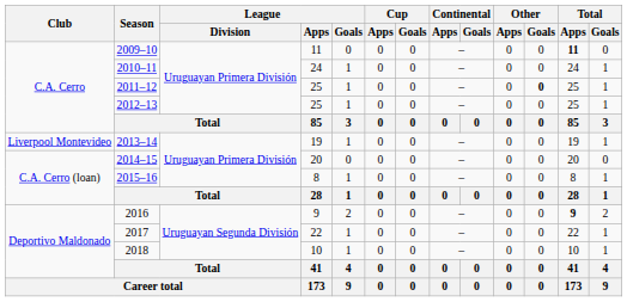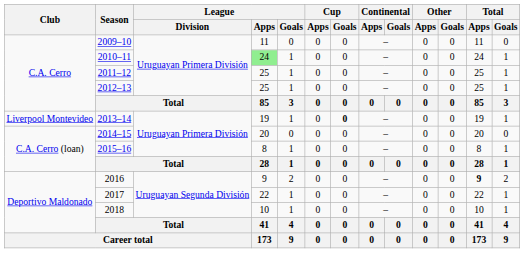 <table class="wikitable" style="text-align: center">
 <tr>
 <th rowspan="2">Club</th>
 <th rowspan="2">Season</th>
 <th colspan="3">League</th>
 <th colspan="2">Cup</th>
 <th colspan="2">Continental</th>
 <th colspan="2">Other</th>
 <th colspan="2">Total</th>
 </tr>
 <tr>
 <th>Division</th>
 <th>Apps</th>
 <th>Goals</th>
 <th>Apps</th>
 <th>Goals</th>
 <th>Apps</th>
 <th>Goals</th>
 <th>Apps</th>
 <th>Goals</th>
 <th>Apps</th>
 <th>Goals</th>
 </tr>
 <tr>
 <td rowspan="5"><a href='#'>C.A. Cerro</a></td>
 <td><a href='#'>2009–10</a></td>
 <td rowspan="4"><a href='#'>Uruguayan Primera División</a></td>
 <td>11</td>
 <td>0</td>
 <td>0</td>
 <td>0</td>
 <td colspan="2">–</td>
 <td>0</td>
 <td>0</td>
-<td><strong>11</strong></td>
+<td>11</td>
 <td>0</td>
 </tr>
 <tr>
 <td><a href='#'>2010–11</a></td>
-<td>24</td>
+<td style="background: lightgreen;">24</td>
 <td>1</td>
 <td>0</td>
 <td>0</td>
 <td colspan="2">–</td>
 <td>0</td>
 <td>0</td>
 <td>24</td>
 <td>1</td>
 </tr>
 <tr>
 <td><a href='#'>2011–12</a></td>
 <td>25</td>
 <td>1</td>
 <td>0</td>
 <td>0</td>
 <td colspan="2">–</td>
 <td>0</td>
-<td><strong>0</strong></td>
+<td>0</td>
 <td>25</td>
 <td>1</td>
 </tr>
 <tr>
 <td><a href='#'>2012–13</a></td>
 <td>25</td>
 <td>1</td>
 <td>0</td>
 <td>0</td>
 <td colspan="2">–</td>
 <td>0</td>
 <td>0</td>
 <td>25</td>
 <td>1</td>
 </tr>
 <tr>
 <th colspan="2"><strong>Total</strong></th>
 <th>85</th>
 <th>3</th>
 <th>0</th>
 <th>0</th>
 <th>0</th>
 <th>0</th>
 <th>0</th>
 <th>0</th>
 <th>85</th>
 <th>3</th>
 </tr>
 <tr>
 <td><a href='#'>Liverpool Montevideo</a></td>
 <td><a href='#'>2013–14</a></td>
 <td rowspan="3"><a href='#'>Uruguayan Primera División</a></td>
 <td>19</td>
 <td>1</td>
 <td>0</td>
-<td>0</td>
+<td><strong>0</strong></td>
 <td colspan="2">–</td>
 <td>0</td>
 <td>0</td>
 <td>19</td>
 <td>1</td>
 </tr>
 <tr>
 <td rowspan="3"><a href='#'>C.A. Cerro</a> (loan)</td>
 <td><a href='#'>2014–15</a></td>
 <td>20</td>
 <td>0</td>
 <td>0</td>
 <td>0</td>
 <td colspan="2">–</td>
 <td>0</td>
 <td>0</td>
 <td>20</td>
 <td>0</td>
 </tr>
 <tr>
 <td><a href='#'>2015–16</a></td>
 <td>8</td>
 <td>1</td>
 <td>0</td>
 <td>0</td>
 <td colspan="2">–</td>
 <td>0</td>
 <td>0</td>
 <td>8</td>
 <td>1</td>
 </tr>
 <tr>
 <th colspan="2"><strong>Total</strong></th>
 <th>28</th>
 <th>1</th>
 <th>0</th>
 <th>0</th>
 <th>0</th>
 <th>0</th>
 <th>0</th>
 <th>0</th>
 <th>28</th>
 <th>1</th>
 </tr>
 <tr>
 <td rowspan="4"><a href='#'>Deportivo Maldonado</a></td>
 <td>2016</td>
 <td rowspan="3"><a href='#'>Uruguayan Segunda División</a></td>
 <td>9</td>
 <td>2</td>
 <td>0</td>
 <td>0</td>
 <td colspan="2">–</td>
 <td>0</td>
 <td>0</td>
 <td><strong>9</strong></td>
 <td>2</td>
 </tr>
 <tr>
 <td>2017</td>
 <td>22</td>
 <td>1</td>
 <td>0</td>
 <td>0</td>
 <td colspan="2">–</td>
 <td>0</td>
 <td>0</td>
 <td>22</td>
 <td>1</td>
 </tr>
 <tr>
 <td>2018</td>
 <td>10</td>
 <td>1</td>
 <td>0</td>
 <td>0</td>
 <td colspan="2">–</td>
 <td>0</td>
 <td>0</td>
 <td>10</td>
 <td>1</td>
 </tr>
 <tr>
 <th colspan="2"><strong>Total</strong></th>
 <th>41</th>
 <th>4</th>
 <th>0</th>
 <th>0</th>
 <th>0</th>
 <th>0</th>
 <th>0</th>
 <th>0</th>
 <th>41</th>
 <th>4</th>
 </tr>
 <tr>
 <th colspan="3"><strong>Career total</strong></th>
 <th>173</th>
 <th>9</th>
 <th>0</th>
 <th>0</th>
 <th>0</th>
 <th>0</th>
 <th>0</th>
 <th>0</th>
 <th>173</th>
 <th>9</th>
 </tr>
 </table>
